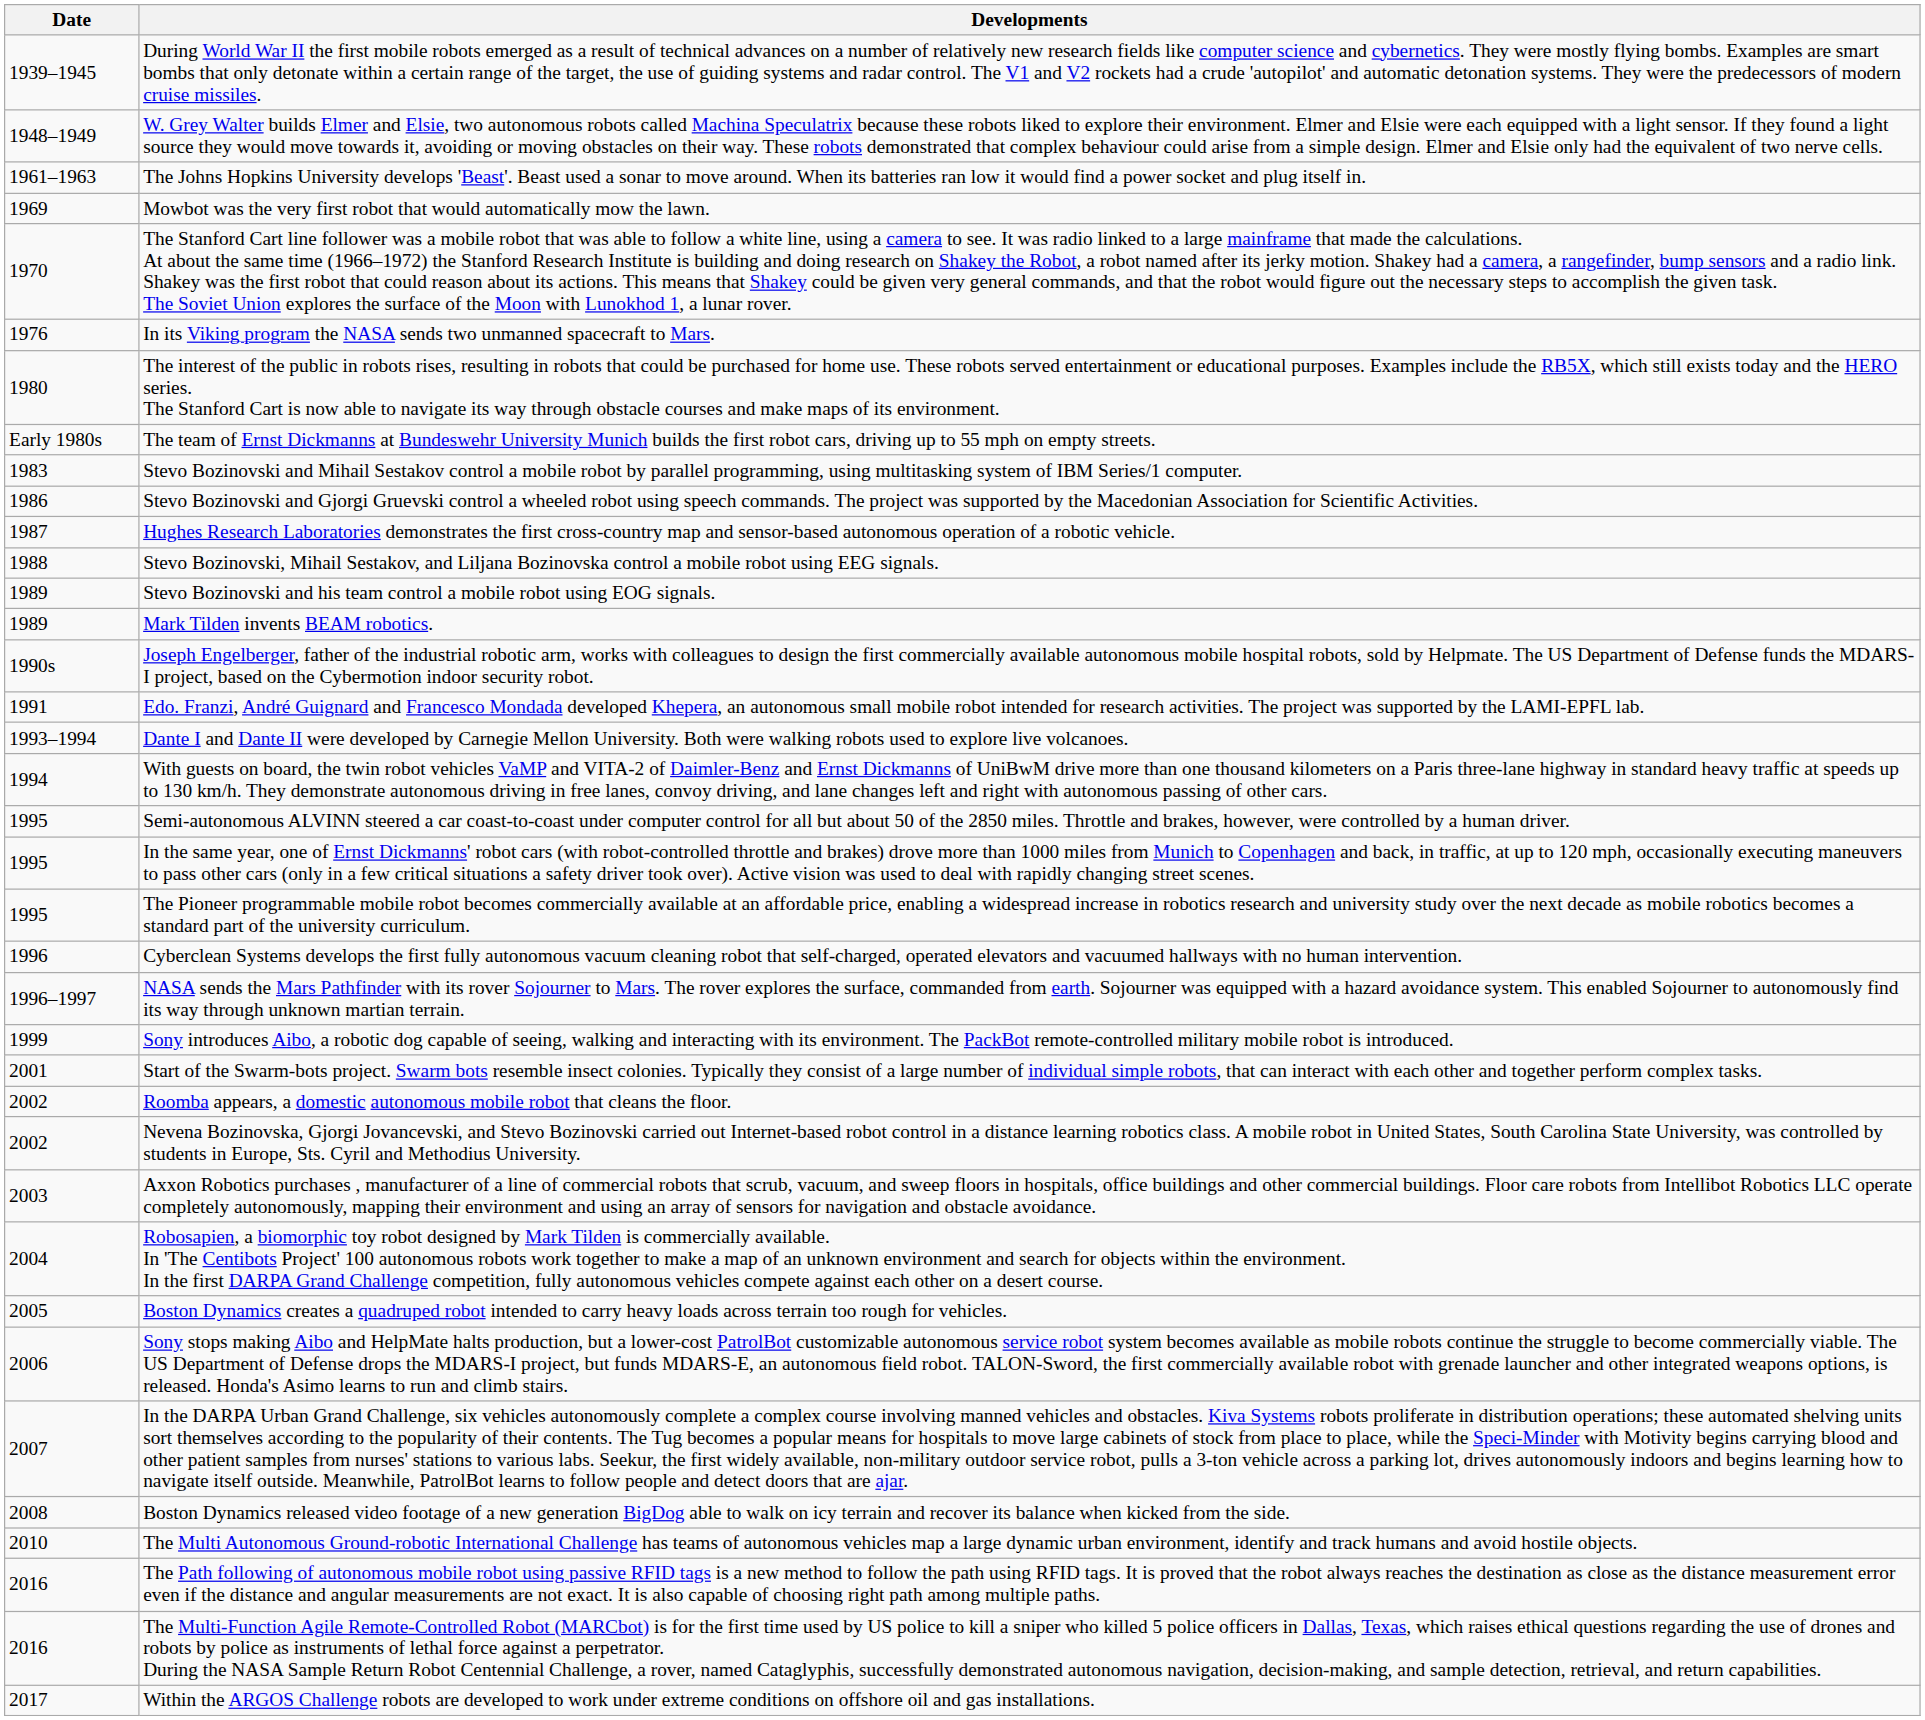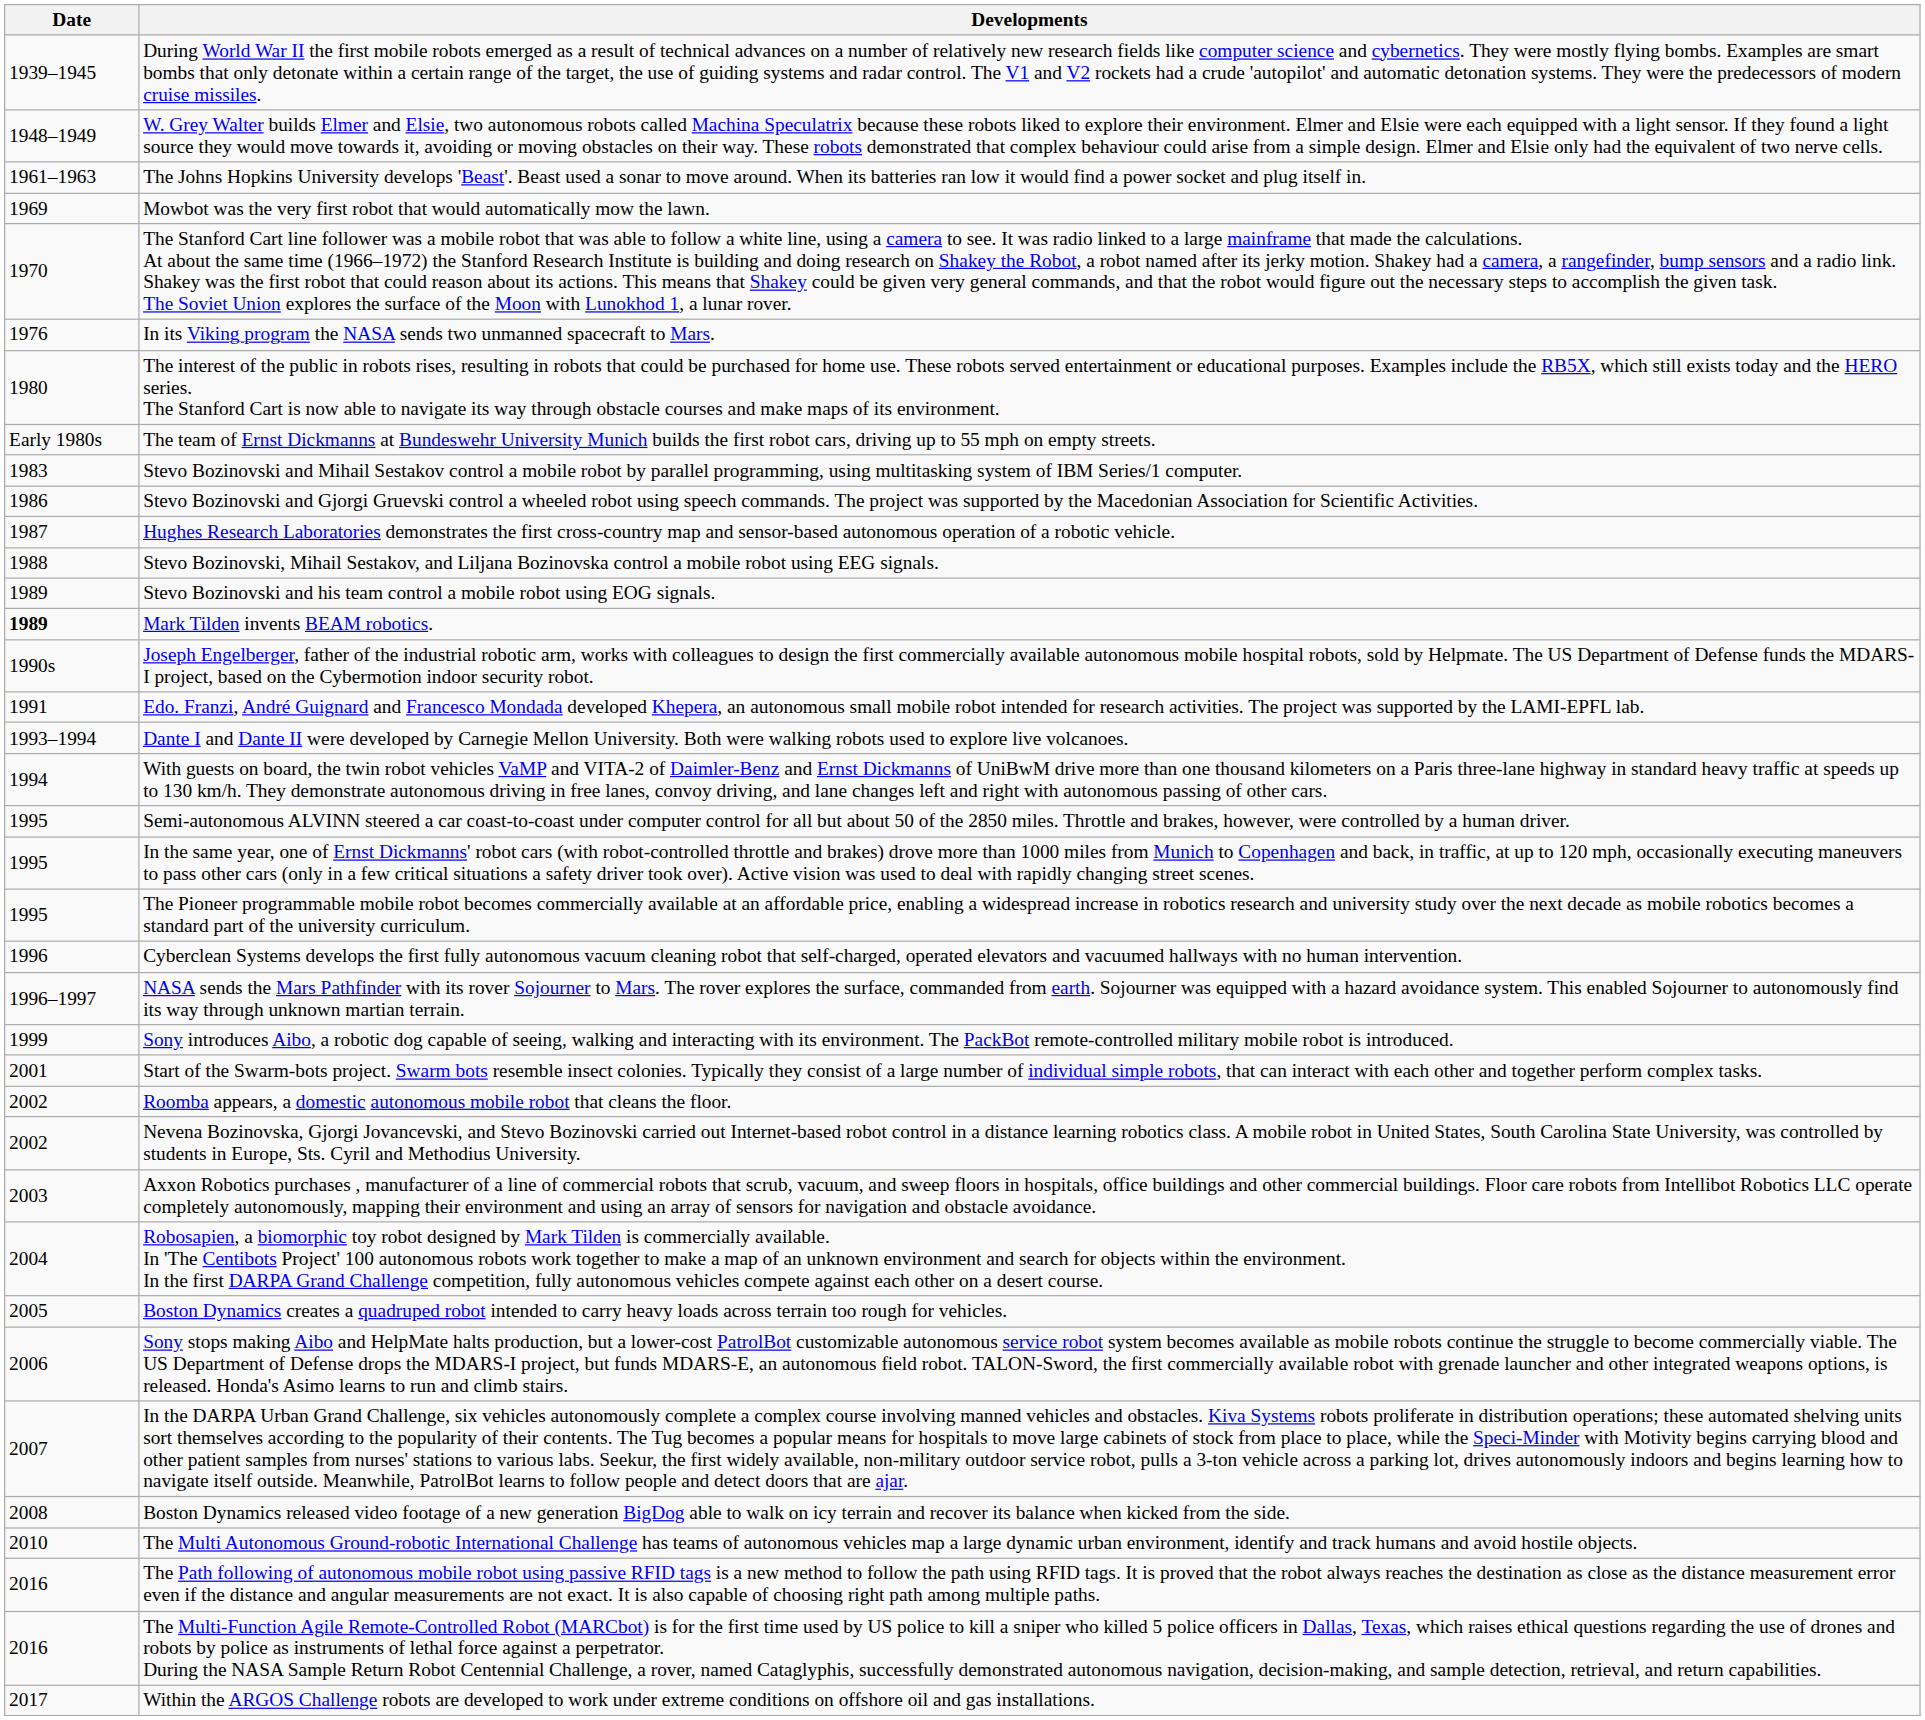 <table class="wikitable" style="width:100%;">
 <tr>
 <th style="width:7%">Date</th>
 <th>Developments</th>
 </tr>
 <tr>
 <td>1939–1945</td>
 <td>During <a href='#'>World War II</a> the first mobile robots emerged as a result of technical advances on a number of relatively new research fields like <a href='#'>computer science</a> and <a href='#'>cybernetics</a>. They were mostly flying bombs. Examples are smart bombs that only detonate within a certain range of the target, the use of guiding systems and radar control. The <a href='#'>V1</a> and <a href='#'>V2</a> rockets had a crude 'autopilot' and automatic detonation systems. They were the predecessors of modern <a href='#'>cruise missiles</a>.</td>
 </tr>
 <tr>
 <td>1948–1949</td>
 <td><a href='#'>W. Grey Walter</a> builds <a href='#'>Elmer</a> and <a href='#'>Elsie</a>, two autonomous robots called <a href='#'>Machina Speculatrix</a> because these robots liked to explore their environment. Elmer and Elsie were each equipped with a light sensor. If they found a light source they would move towards it, avoiding or moving obstacles on their way. These <a href='#'>robots</a> demonstrated that complex behaviour could arise from a simple design. Elmer and Elsie only had the equivalent of two nerve cells.</td>
 </tr>
 <tr>
 <td>1961–1963</td>
 <td>The Johns Hopkins University develops '<a href='#'>Beast</a>'. Beast used a sonar to move around. When its batteries ran low it would find a power socket and plug itself in.</td>
 </tr>
 <tr>
 <td>1969</td>
 <td>Mowbot was the very first robot that would automatically mow the lawn.</td>
 </tr>
 <tr>
 <td>1970</td>
 <td>The Stanford Cart line follower was a mobile robot that was able to follow a white line, using a <a href='#'>camera</a> to see. It was radio linked to a large <a href='#'>mainframe</a> that made the calculations.<br>At about the same time (1966–1972) the Stanford Research Institute is building and doing research on <a href='#'>Shakey the Robot</a>, a robot named after its jerky motion. Shakey had a <a href='#'>camera</a>, a <a href='#'>rangefinder</a>, <a href='#'>bump sensors</a> and a radio link. Shakey was the first robot that could reason about its actions. This means that <a href='#'>Shakey</a> could be given very general commands, and that the robot would figure out the necessary steps to accomplish the given task.<br> <a href='#'>The Soviet Union</a> explores the surface of the <a href='#'>Moon</a> with <a href='#'>Lunokhod 1</a>, a lunar rover.</td>
 </tr>
 <tr>
 <td>1976</td>
 <td>In its <a href='#'>Viking program</a> the <a href='#'>NASA</a> sends two unmanned spacecraft to <a href='#'>Mars</a>.</td>
 </tr>
 <tr>
 <td>1980</td>
 <td>The interest of the public in robots rises, resulting in robots that could be purchased for home use. These robots served entertainment or educational purposes. Examples include the <a href='#'>RB5X</a>, which still exists today and the <a href='#'>HERO</a> series.<br> The Stanford Cart is now able to navigate its way through obstacle courses and make maps of its environment.</td>
 </tr>
 <tr>
 <td>Early 1980s</td>
 <td>The team of  <a href='#'>Ernst Dickmanns</a> at <a href='#'>Bundeswehr University Munich</a> builds the first robot cars, driving up to 55 mph on empty streets.</td>
 </tr>
 <tr>
 <td>1983</td>
 <td>Stevo Bozinovski and Mihail Sestakov control a mobile robot by parallel programming, using multitasking system of IBM Series/1 computer.</td>
 </tr>
 <tr>
 <td>1986</td>
 <td>Stevo Bozinovski and Gjorgi Gruevski control a wheeled robot using speech commands. The project was supported by the Macedonian Association for Scientific Activities.</td>
 </tr>
 <tr>
 <td>1987</td>
 <td><a href='#'>Hughes Research Laboratories</a> demonstrates the first cross-country map and sensor-based autonomous operation of a robotic vehicle.</td>
 </tr>
 <tr>
 <td>1988</td>
 <td>Stevo Bozinovski, Mihail Sestakov, and Liljana Bozinovska control a mobile robot using EEG signals.</td>
 </tr>
 <tr>
 <td>1989</td>
 <td>Stevo Bozinovski and his team control a mobile robot using EOG signals.</td>
 </tr>
 <tr>
-<td>1989</td>
+<td><strong>1989</strong></td>
 <td><a href='#'>Mark Tilden</a> invents <a href='#'>BEAM robotics</a>.</td>
 </tr>
 <tr>
 <td>1990s</td>
 <td><a href='#'>Joseph Engelberger</a>, father of the industrial robotic arm, works with colleagues to design the first commercially available autonomous mobile hospital robots, sold by Helpmate. The US Department of Defense funds the MDARS-I project, based on the Cybermotion indoor security robot.</td>
 </tr>
 <tr>
 <td>1991</td>
 <td><a href='#'>Edo. Franzi</a>, <a href='#'>André Guignard</a> and  <a href='#'>Francesco Mondada</a> developed <a href='#'>Khepera</a>, an autonomous small mobile robot intended for research activities. The project was supported by the LAMI-EPFL lab.</td>
 </tr>
 <tr>
 <td>1993–1994</td>
 <td><a href='#'>Dante I</a> and <a href='#'>Dante II</a> were developed by Carnegie Mellon University. Both were walking robots used to explore live volcanoes.</td>
 </tr>
 <tr>
 <td>1994</td>
 <td>With guests on board, the twin robot vehicles <a href='#'>VaMP</a> and VITA-2 of <a href='#'>Daimler-Benz</a> and <a href='#'>Ernst Dickmanns</a> of UniBwM drive more than one thousand kilometers on a Paris three-lane highway in standard heavy traffic at speeds up to 130 km/h. They demonstrate autonomous driving in free lanes, convoy driving, and lane changes left and right with autonomous passing of other cars.</td>
 </tr>
 <tr>
 <td>1995</td>
 <td>Semi-autonomous ALVINN steered a car coast-to-coast under computer control for all but about 50 of the 2850 miles. Throttle and brakes, however, were controlled by a human driver.</td>
 </tr>
 <tr>
 <td>1995</td>
 <td>In the same year, one of <a href='#'>Ernst Dickmanns</a>' robot cars (with robot-controlled throttle and brakes) drove more than 1000 miles from <a href='#'>Munich</a> to <a href='#'>Copenhagen</a> and back, in traffic, at up to 120 mph, occasionally executing maneuvers to pass other cars (only in a few critical situations a safety driver took over). Active vision was used to deal with rapidly changing street scenes.</td>
 </tr>
 <tr>
 <td>1995</td>
 <td>The Pioneer programmable mobile robot becomes commercially available at an affordable price, enabling a widespread increase in robotics research and university study over the next decade as mobile robotics becomes a standard part of the university curriculum.</td>
 </tr>
 <tr>
 <td>1996</td>
 <td>Cyberclean Systems  develops the first fully autonomous vacuum cleaning robot that self-charged, operated elevators and vacuumed hallways with no human intervention.</td>
 </tr>
 <tr>
 <td>1996–1997</td>
 <td><a href='#'>NASA</a> sends the <a href='#'>Mars Pathfinder</a> with its rover <a href='#'>Sojourner</a> to <a href='#'>Mars</a>. The rover explores the surface, commanded from <a href='#'>earth</a>. Sojourner was equipped with a hazard avoidance system. This enabled Sojourner to autonomously find its way through unknown martian terrain.</td>
 </tr>
 <tr>
 <td>1999</td>
 <td><a href='#'>Sony</a> introduces <a href='#'>Aibo</a>, a robotic dog capable of seeing, walking and interacting with its environment. The <a href='#'>PackBot</a> remote-controlled military mobile robot is introduced.</td>
 </tr>
 <tr>
 <td>2001</td>
 <td>Start of the Swarm-bots project. <a href='#'>Swarm bots</a> resemble insect colonies. Typically they consist of a large number of <a href='#'>individual simple robots</a>, that can interact with each other and together perform complex tasks.</td>
 </tr>
 <tr>
 <td>2002</td>
 <td><a href='#'>Roomba</a> appears, a <a href='#'>domestic</a> <a href='#'>autonomous mobile robot</a> that cleans the floor.</td>
 </tr>
 <tr>
 <td>2002</td>
 <td>Nevena Bozinovska, Gjorgi Jovancevski, and Stevo Bozinovski carried out Internet-based robot control in a distance learning robotics class. A mobile robot in United States, South Carolina State University, was controlled by students in Europe, Sts. Cyril and Methodius University.</td>
 </tr>
 <tr>
 <td>2003</td>
 <td>Axxon Robotics purchases ,  manufacturer of a line of commercial robots that scrub, vacuum, and sweep floors in hospitals, office buildings and other commercial buildings.  Floor care robots from Intellibot Robotics LLC operate completely autonomously, mapping their environment and using an array of sensors for navigation and obstacle avoidance.</td>
 </tr>
 <tr>
 <td>2004</td>
 <td><a href='#'>Robosapien</a>, a <a href='#'>biomorphic</a> toy robot designed by <a href='#'>Mark Tilden</a> is commercially available.<br> In 'The <a href='#'>Centibots</a> Project' 100 autonomous robots work together to make a map of an unknown environment and search for objects within the environment. <br> In the first <a href='#'>DARPA Grand Challenge</a> competition, fully autonomous vehicles compete against each other on a desert course.</td>
 </tr>
 <tr>
 <td>2005</td>
 <td><a href='#'>Boston Dynamics</a> creates a <a href='#'>quadruped robot</a> intended to carry heavy loads across terrain too rough for vehicles.</td>
 </tr>
 <tr>
 <td>2006</td>
 <td><a href='#'>Sony</a> stops making <a href='#'>Aibo</a> and HelpMate halts production, but a lower-cost <a href='#'>PatrolBot</a> customizable autonomous <a href='#'>service robot</a> system becomes available as mobile robots continue the struggle to become commercially viable. The US Department of Defense drops the MDARS-I project, but funds MDARS-E, an autonomous field robot. TALON-Sword, the first commercially available robot with grenade launcher and other integrated weapons options, is released. Honda's Asimo learns to run and climb stairs.</td>
 </tr>
 <tr>
 <td>2007</td>
 <td>In the DARPA Urban Grand Challenge, six vehicles autonomously complete a complex course involving manned vehicles and obstacles. <a href='#'>Kiva Systems</a> robots proliferate in distribution operations; these automated shelving units sort themselves according to the popularity of their contents. The Tug becomes a popular means for hospitals to move large cabinets of stock from place to place, while the <a href='#'>Speci-Minder</a> with Motivity begins carrying blood and other patient samples from nurses' stations to various labs. Seekur, the first widely available, non-military outdoor service robot, pulls a 3-ton vehicle across a parking lot,  drives autonomously indoors and begins learning how to navigate itself outside. Meanwhile, PatrolBot learns to follow people and detect doors that are <a href='#'>ajar</a>.</td>
 </tr>
 <tr>
 <td>2008</td>
 <td>Boston Dynamics released video footage of a new generation <a href='#'>BigDog</a> able to walk on icy terrain and recover its balance when kicked from the side.</td>
 </tr>
 <tr>
 <td>2010</td>
 <td>The <a href='#'>Multi Autonomous Ground-robotic International Challenge</a> has teams of autonomous vehicles map a large dynamic urban environment, identify and track humans and avoid hostile objects.</td>
 </tr>
 <tr>
 <td>2016</td>
 <td>The <a href='#'>Path following of autonomous mobile robot using passive RFID tags</a> is a new method to follow the path using RFID tags. It is proved that the robot always reaches the destination as close as the distance measurement error even if the distance and angular measurements are not exact. It is also capable of choosing right path among multiple paths.</td>
 </tr>
 <tr>
 <td>2016</td>
 <td>The <a href='#'>Multi-Function Agile Remote-Controlled Robot (MARCbot)</a> is for the first time used by US police to kill a sniper who killed 5 police officers in <a href='#'>Dallas</a>, <a href='#'>Texas</a>, which raises ethical questions regarding the use of drones and robots by police as instruments of lethal force against a perpetrator.<br>During the NASA Sample Return Robot Centennial Challenge, a rover, named Cataglyphis, successfully demonstrated autonomous navigation, decision-making, and sample detection, retrieval, and return capabilities.</td>
 </tr>
 <tr>
 <td>2017</td>
 <td>Within the <a href='#'>ARGOS Challenge</a> robots are developed to work under extreme conditions on offshore oil and gas installations.</td>
 </tr>
 </table>
